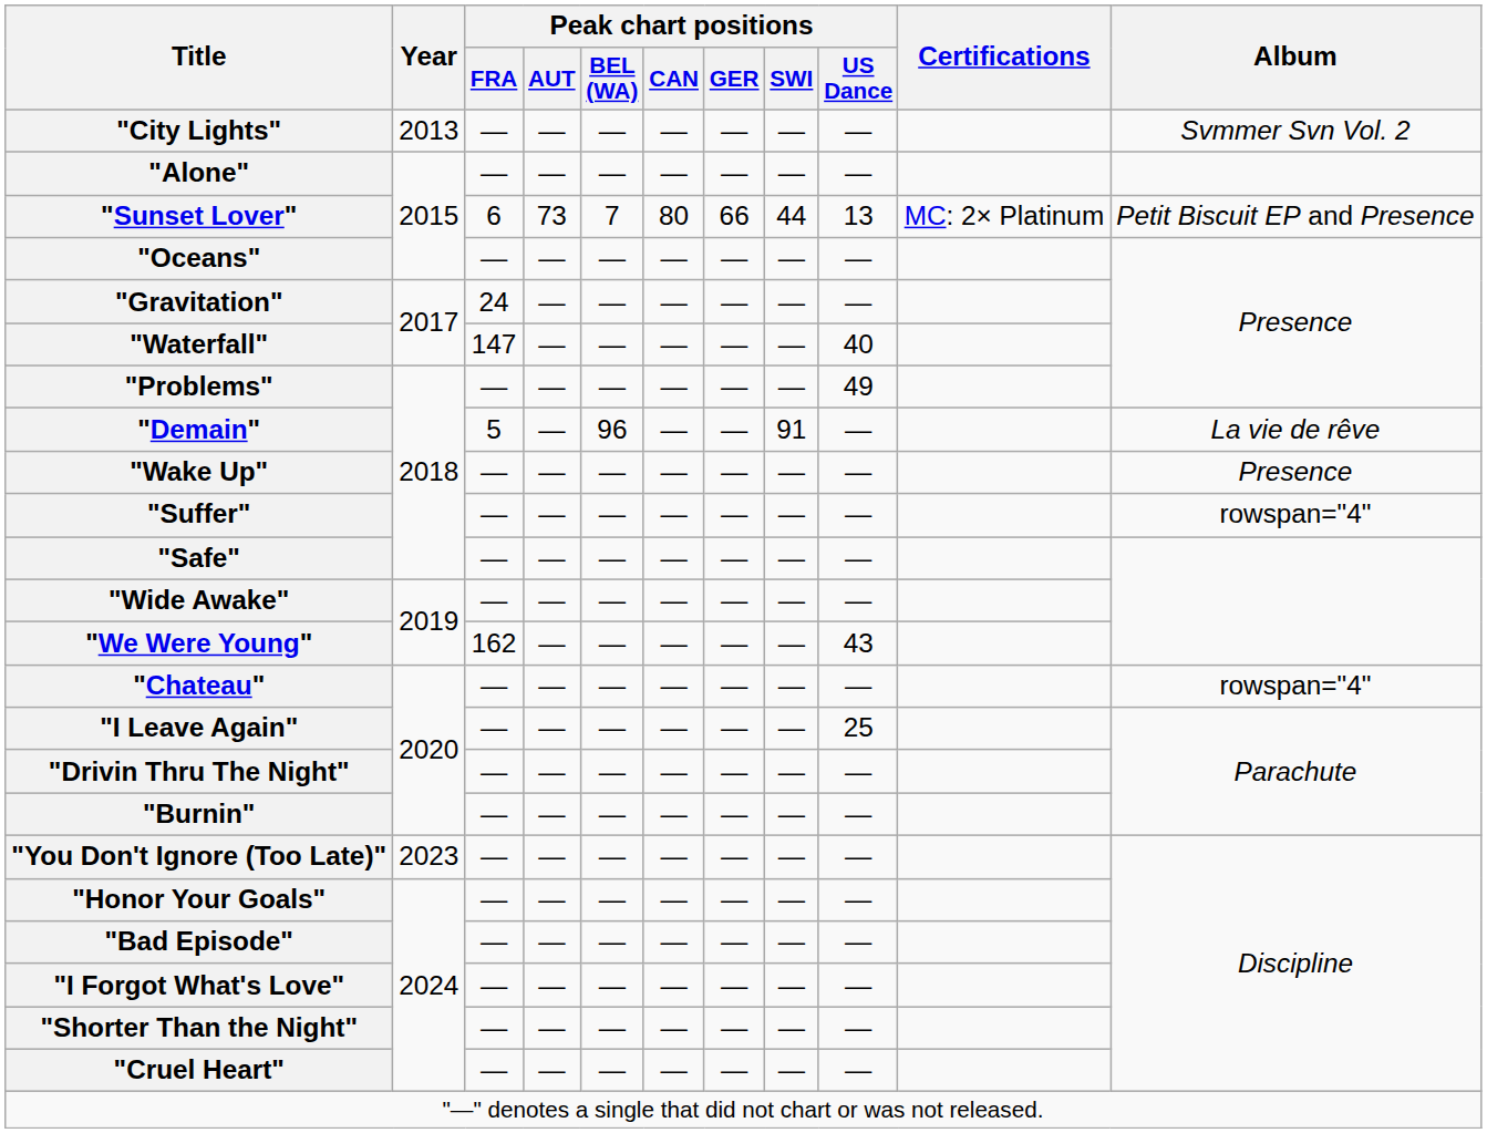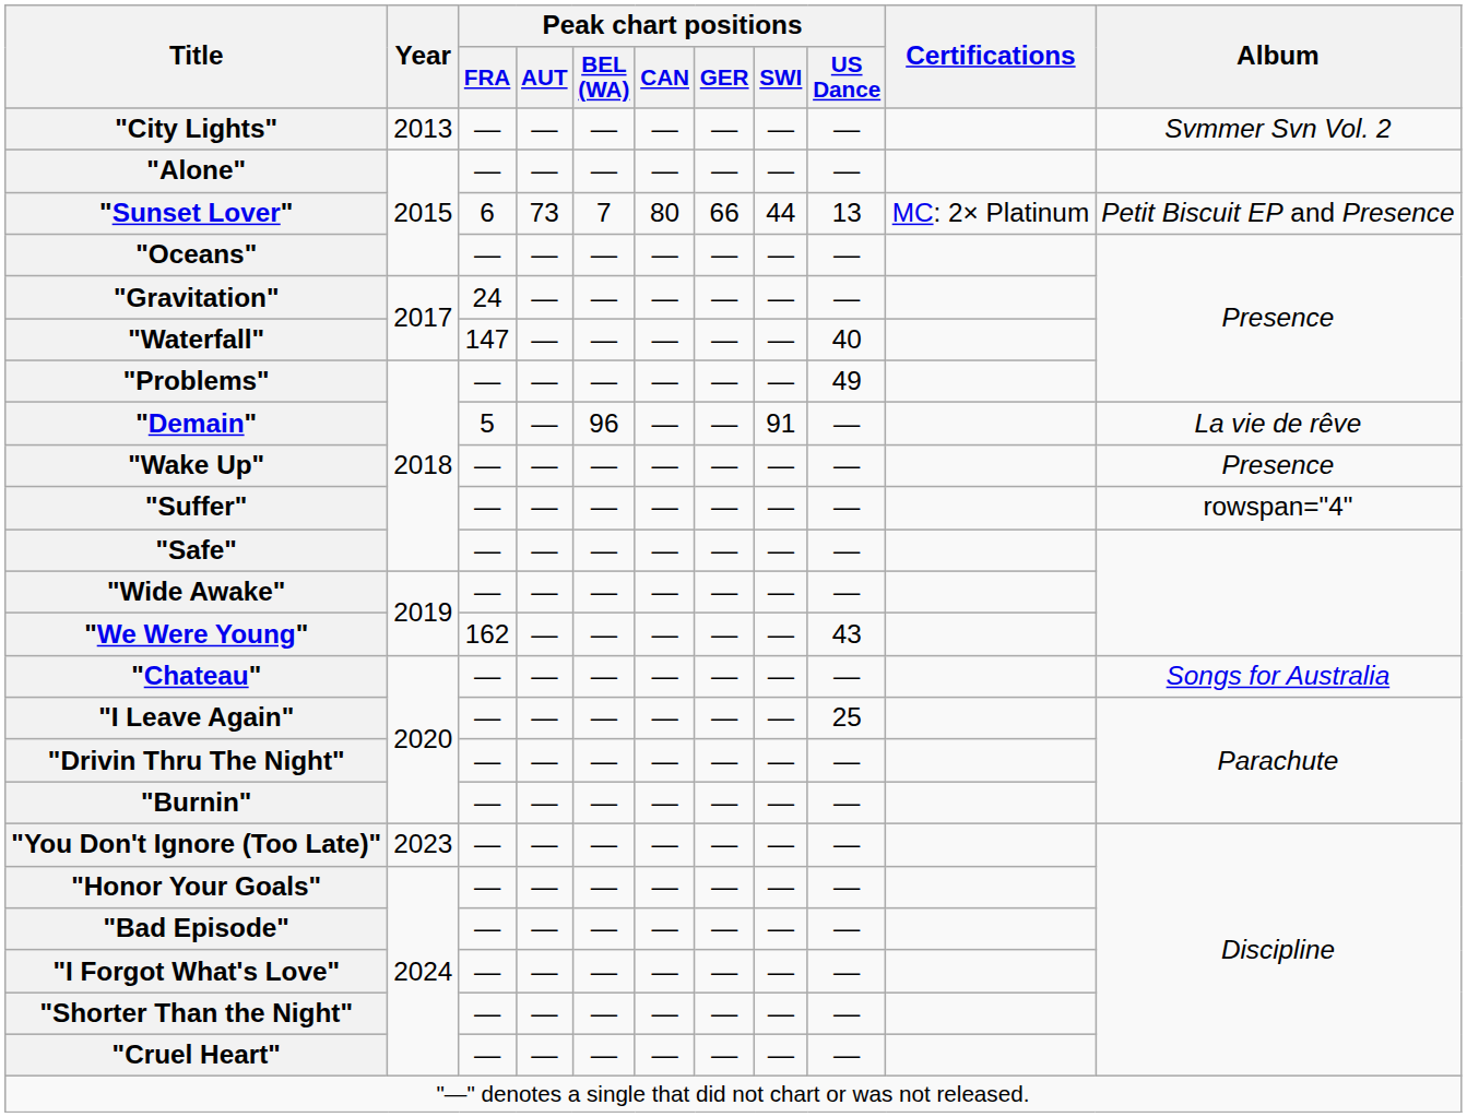 <table class="wikitable plainrowheaders" style="text-align:center;">
 <tr>
 <th scope="col" rowspan="2">Title</th>
 <th scope="col" rowspan="2">Year</th>
 <th scope="col" colspan="7">Peak chart positions</th>
 <th scope="col" rowspan="2"><a href='#'>Certifications</a></th>
 <th scope="col" rowspan="2">Album</th>
 </tr>
 <tr>
 <th scope="col" style="font-size:85%;"><a href='#'>FRA</a><br></th>
 <th scope="col" style="font-size:85%;"><a href='#'>AUT</a><br></th>
 <th scope="col" style="font-size:85%;"><a href='#'>BEL<br>(WA)</a><br></th>
 <th scope="col" style="font-size:85%;"><a href='#'>CAN</a><br></th>
 <th scope="col" style="font-size:85%;"><a href='#'>GER</a><br></th>
 <th scope="col" style="font-size:85%;"><a href='#'>SWI</a><br></th>
 <th scope="col" style="font-size:85%;"><a href='#'>US<br>Dance</a><br></th>
 </tr>
 <tr>
 <th scope="row">"City Lights"</th>
 <td>2013</td>
 <td>—</td>
 <td>—</td>
 <td>—</td>
 <td>—</td>
 <td>—</td>
 <td>—</td>
 <td>—</td>
 <td></td>
 <td><em>Svmmer Svn Vol. 2</em></td>
 </tr>
 <tr>
 <th scope="row">"Alone"</th>
 <td rowspan="3">2015</td>
 <td>—</td>
 <td>—</td>
 <td>—</td>
 <td>—</td>
 <td>—</td>
 <td>—</td>
 <td>—</td>
 <td></td>
 <td></td>
 </tr>
 <tr>
 <th scope="row">"<a href='#'>Sunset Lover</a>"</th>
 <td>6</td>
 <td>73</td>
 <td>7</td>
 <td>80</td>
 <td>66</td>
 <td>44</td>
 <td>13</td>
 <td><a href='#'>MC</a>: 2× Platinum</td>
 <td><em>Petit Biscuit EP</em> and <em>Presence</em></td>
 </tr>
 <tr>
 <th scope="row">"Oceans"</th>
 <td>—</td>
 <td>—</td>
 <td>—</td>
 <td>—</td>
 <td>—</td>
 <td>—</td>
 <td>—</td>
 <td></td>
 <td rowspan="4"><em>Presence</em></td>
 </tr>
 <tr>
 <th scope="row">"Gravitation"<br></th>
 <td rowspan="2">2017</td>
 <td>24</td>
 <td>—</td>
 <td>—</td>
 <td>—</td>
 <td>—</td>
 <td>—</td>
 <td>—</td>
 <td></td>
 </tr>
 <tr>
 <th scope="row">"Waterfall"<br></th>
 <td>147<br></td>
 <td>—</td>
 <td>—</td>
 <td>—</td>
 <td>—</td>
 <td>—</td>
 <td>40</td>
 </tr>
 <tr>
 <th scope="row">"Problems"<br></th>
 <td rowspan="5">2018</td>
 <td>—</td>
 <td>—</td>
 <td>—</td>
 <td>—</td>
 <td>—</td>
 <td>—</td>
 <td>49</td>
 <td></td>
 </tr>
 <tr>
 <th scope="row">"<a href='#'>Demain</a>"<br></th>
 <td>5</td>
 <td>—</td>
 <td>96</td>
 <td>—</td>
 <td>—</td>
 <td>91</td>
 <td>—</td>
 <td></td>
 <td><em>La vie de rêve</em></td>
 </tr>
 <tr>
 <th scope="row">"Wake Up" <br></th>
 <td>—</td>
 <td>—</td>
 <td>—</td>
 <td>—</td>
 <td>—</td>
 <td>—</td>
 <td>—</td>
 <td></td>
 <td><em>Presence</em></td>
 </tr>
 <tr>
 <th scope="row">"Suffer"<br></th>
 <td>—</td>
 <td>—</td>
 <td>—</td>
 <td>—</td>
 <td>—</td>
 <td>—</td>
 <td>—</td>
 <td></td>
 <td>rowspan="4" </td>
 </tr>
 <tr>
 <th scope="row">"Safe"</th>
 <td>—</td>
 <td>—</td>
 <td>—</td>
 <td>—</td>
 <td>—</td>
 <td>—</td>
 <td>—</td>
 <td></td>
 </tr>
 <tr>
 <th scope="row">"Wide Awake"</th>
 <td rowspan="2">2019</td>
 <td>—</td>
 <td>—</td>
 <td>—</td>
 <td>—</td>
 <td>—</td>
 <td>—</td>
 <td>—</td>
 <td></td>
 </tr>
 <tr>
 <th scope="row">"<a href='#'>We Were Young</a>"<br></th>
 <td>162<br></td>
 <td>—</td>
 <td>—</td>
 <td>—</td>
 <td>—</td>
 <td>—</td>
 <td>43</td>
 <td></td>
 </tr>
 <tr>
 <th scope="row">"<a href='#'>Chateau</a>"</th>
 <td rowspan=4>2020</td>
 <td>—</td>
 <td>—</td>
 <td>—</td>
 <td>—</td>
 <td>—</td>
 <td>—</td>
 <td>—</td>
 <td></td>
-<td>rowspan="4" </td>
+<td><em><a href='#'>Songs for Australia</a></em></td>
 </tr>
 <tr>
 <th scope="row">"I Leave Again" <br></th>
 <td>—</td>
 <td>—</td>
 <td>—</td>
 <td>—</td>
 <td>—</td>
 <td>—</td>
 <td>25</td>
 <td></td>
 <td rowspan="3"><em>Parachute</em></td>
 </tr>
 <tr>
 <th scope="row">"Drivin Thru The Night"</th>
 <td>—</td>
 <td>—</td>
 <td>—</td>
 <td>—</td>
 <td>—</td>
 <td>—</td>
 <td>—</td>
 <td></td>
 </tr>
 <tr>
 <th scope="row">"Burnin"</th>
 <td>—</td>
 <td>—</td>
 <td>—</td>
 <td>—</td>
 <td>—</td>
 <td>—</td>
 <td>—</td>
 <td></td>
 </tr>
 <tr>
 <th scope="row">"You Don't Ignore (Too Late)"</th>
 <td>2023</td>
 <td>—</td>
 <td>—</td>
 <td>—</td>
 <td>—</td>
 <td>—</td>
 <td>—</td>
 <td>—</td>
 <td></td>
 <td rowspan=6><em>Discipline</em></td>
 </tr>
 <tr>
 <th scope="row">"Honor Your Goals"</th>
 <td rowspan=5>2024</td>
 <td>—</td>
 <td>—</td>
 <td>—</td>
 <td>—</td>
 <td>—</td>
 <td>—</td>
 <td>—</td>
 <td></td>
 </tr>
 <tr>
 <th scope="row">"Bad Episode"</th>
 <td>—</td>
 <td>—</td>
 <td>—</td>
 <td>—</td>
 <td>—</td>
 <td>—</td>
 <td>—</td>
 <td></td>
 </tr>
 <tr>
 <th scope="row">"I Forgot What's Love"<br></th>
 <td>—</td>
 <td>—</td>
 <td>—</td>
 <td>—</td>
 <td>—</td>
 <td>—</td>
 <td>—</td>
 <td></td>
 </tr>
 <tr>
 <th scope="row">"Shorter Than the Night"</th>
 <td>—</td>
 <td>—</td>
 <td>—</td>
 <td>—</td>
 <td>—</td>
 <td>—</td>
 <td>—</td>
 <td></td>
 </tr>
 <tr>
 <th scope="row">"Cruel Heart"</th>
 <td>—</td>
 <td>—</td>
 <td>—</td>
 <td>—</td>
 <td>—</td>
 <td>—</td>
 <td>—</td>
 <td></td>
 </tr>
 <tr>
 <td style="font-size:85%;" colspan="22">"—" denotes a single that did not chart or was not released.</td>
 </tr>
 </table>
